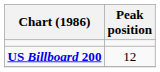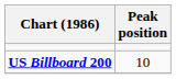 <table class="wikitable sortable">
 <tr>
 <th>Chart (1986)</th>
 <th>Peak<br>position</th>
 </tr>
 <tr>
 <td></td>
 </tr>
 <tr>
 <td align="left"><strong><a href='#'>US <em>Billboard</em> 200</a></strong></td>
-<td align="center">12</td>
+<td align="center">10</td>
 </tr>
 <tr>
 </tr>
 </table>
